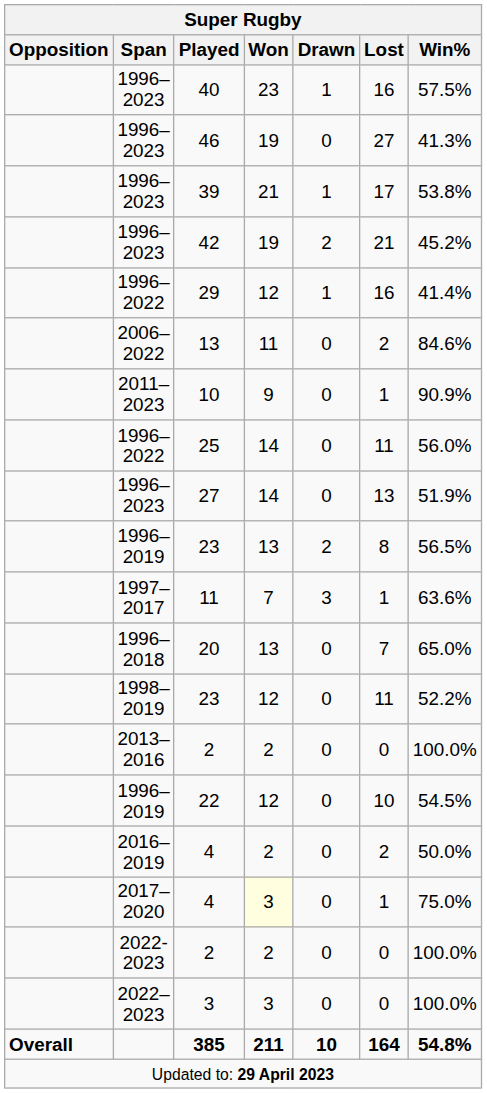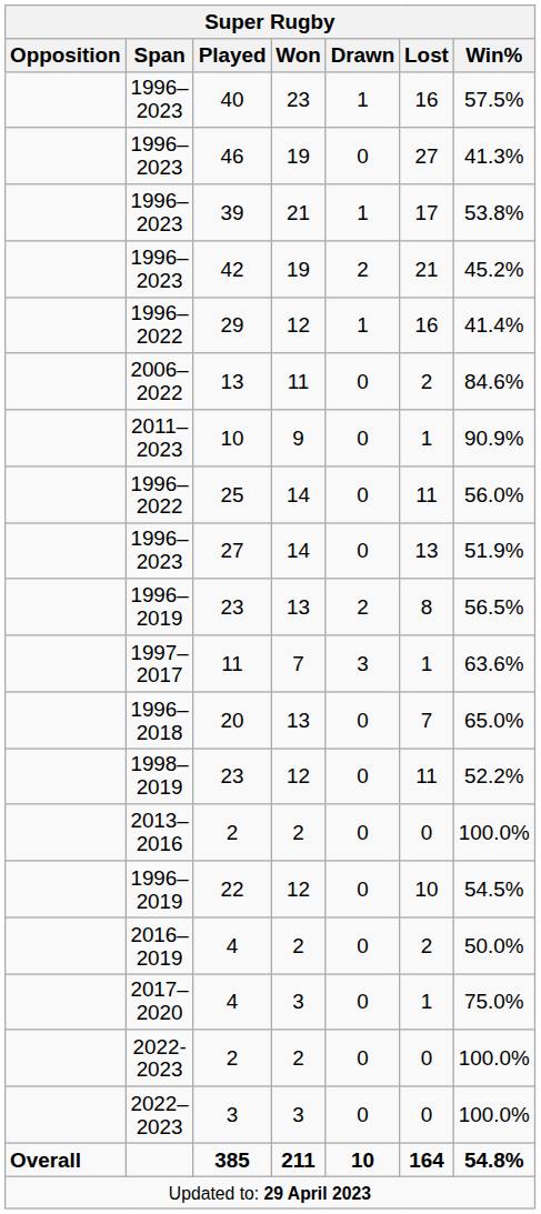 <table class="wikitable collapsible sortable" style="text-align:center; font-size:90%; width:10%;">
 <tr>
 <th colspan=14>Super Rugby</th>
 </tr>
 <tr>
 <th style="width:7%">Opposition</th>
 <th style="width:7%">Span</th>
 <th style="width:5%">Played</th>
 <th style="width:5%">Won</th>
 <th style="width:5%">Drawn</th>
 <th style="width:5%">Lost</th>
 <th style="width:7%">Win%</th>
 </tr>
 <tr>
 <td align=left> </td>
 <td>1996–2023</td>
 <td>40</td>
 <td>23</td>
 <td>1</td>
 <td>16</td>
 <td>57.5%</td>
 </tr>
 <tr>
 <td align=left> </td>
 <td>1996–2023</td>
 <td>46</td>
 <td>19</td>
 <td>0</td>
 <td>27</td>
 <td>41.3%</td>
 </tr>
 <tr>
 <td align=left> </td>
 <td>1996–2023</td>
 <td>39</td>
 <td>21</td>
 <td>1</td>
 <td>17</td>
 <td>53.8%</td>
 </tr>
 <tr>
 <td align=left> </td>
 <td>1996–2023</td>
 <td>42</td>
 <td>19</td>
 <td>2</td>
 <td>21</td>
 <td>45.2%</td>
 </tr>
 <tr>
 <td align=left> </td>
 <td>1996–2022</td>
 <td>29</td>
 <td>12</td>
 <td>1</td>
 <td>16</td>
 <td>41.4%</td>
 </tr>
 <tr>
 <td align=left> </td>
 <td>2006–2022</td>
 <td>13</td>
 <td>11</td>
 <td>0</td>
 <td>2</td>
 <td>84.6%</td>
 </tr>
 <tr>
 <td align=left> </td>
 <td>2011–2023</td>
 <td>10</td>
 <td>9</td>
 <td>0</td>
 <td>1</td>
 <td>90.9%</td>
 </tr>
 <tr>
 <td align=left> </td>
 <td>1996–2022</td>
 <td>25</td>
 <td>14</td>
 <td>0</td>
 <td>11</td>
 <td>56.0%</td>
 </tr>
 <tr>
 <td align=left> </td>
 <td>1996–2023</td>
 <td>27</td>
 <td>14</td>
 <td>0</td>
 <td>13</td>
 <td>51.9%</td>
 </tr>
 <tr>
 <td align=left> </td>
 <td>1996–2019</td>
 <td>23</td>
 <td>13</td>
 <td>2</td>
 <td>8</td>
 <td>56.5%</td>
 </tr>
 <tr>
 <td align=left> </td>
 <td>1997–2017</td>
 <td>11</td>
 <td>7</td>
 <td>3</td>
 <td>1</td>
 <td>63.6%</td>
 </tr>
 <tr>
 <td align=left> </td>
 <td>1996–2018</td>
 <td>20</td>
 <td>13</td>
 <td>0</td>
 <td>7</td>
 <td>65.0%</td>
 </tr>
 <tr>
 <td align=left> </td>
 <td>1998–2019</td>
 <td>23</td>
 <td>12</td>
 <td>0</td>
 <td>11</td>
 <td>52.2%</td>
 </tr>
 <tr>
 <td align=left></td>
 <td>2013–2016</td>
 <td>2</td>
 <td>2</td>
 <td>0</td>
 <td>0</td>
 <td>100.0%</td>
 </tr>
 <tr>
 <td align=left> </td>
 <td>1996–2019</td>
 <td>22</td>
 <td>12</td>
 <td>0</td>
 <td>10</td>
 <td>54.5%</td>
 </tr>
 <tr>
 <td align=left> </td>
 <td>2016–2019</td>
 <td>4</td>
 <td>2</td>
 <td>0</td>
 <td>2</td>
 <td>50.0%</td>
 </tr>
 <tr>
 <td align=left> </td>
 <td>2017–2020</td>
 <td>4</td>
-<td style="background: lightyellow;">3</td>
+<td>3</td>
 <td>0</td>
 <td>1</td>
 <td>75.0%</td>
 </tr>
 <tr>
 <td align=left> </td>
 <td>2022-2023</td>
 <td>2</td>
 <td>2</td>
 <td>0</td>
 <td>0</td>
 <td>100.0%</td>
 </tr>
 <tr>
 <td align=left></td>
 <td>2022–2023</td>
 <td>3</td>
 <td>3</td>
 <td>0</td>
 <td>0</td>
 <td>100.0%</td>
 </tr>
 <tr>
 <td align=left><strong>Overall</strong></td>
 <td></td>
 <td><strong>385</strong></td>
 <td><strong>211</strong></td>
 <td><strong>10</strong></td>
 <td><strong>164</strong></td>
 <td><strong>54.8%</strong></td>
 </tr>
 <tr>
 <td colspan="100%" style="border-bottom:1px transparent"><small>Updated to: <strong>29 April 2023</strong></small><br></td>
 </tr>
 </table>
